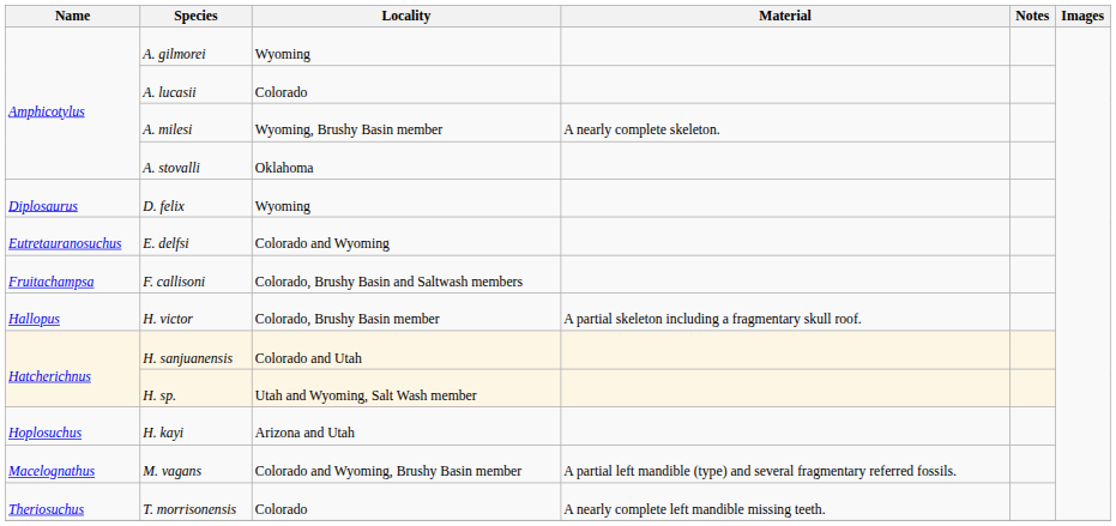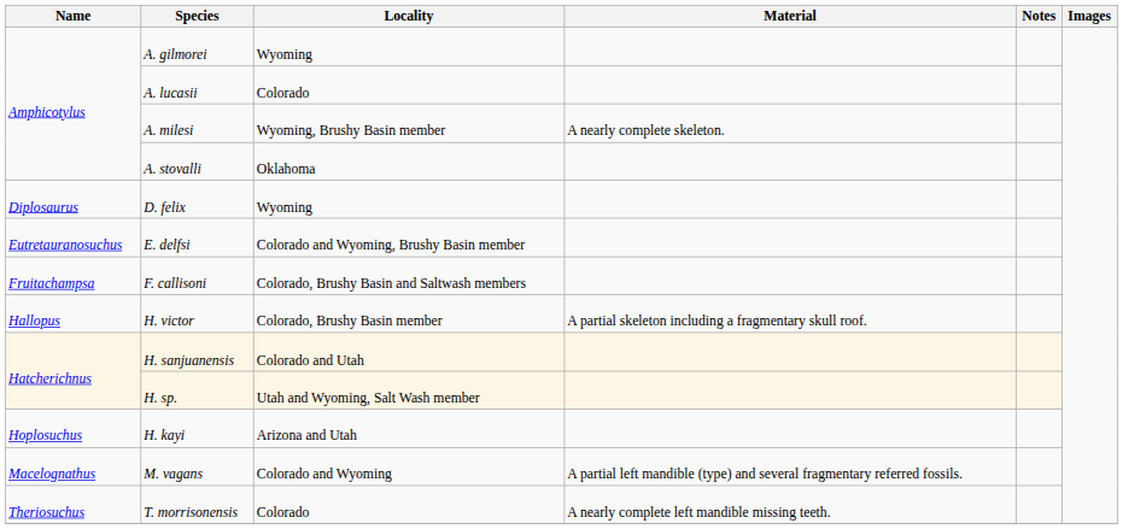 <table class="wikitable" align="center" width="100%">
 <tr>
 <th>Name</th>
 <th>Species</th>
 <th>Locality</th>
 <th>Material</th>
 <th>Notes</th>
 <th>Images</th>
 </tr>
 <tr>
 <td rowspan=4><br><em><a href='#'>Amphicotylus</a></em></td>
 <td><br><em>A. gilmorei</em></td>
 <td><br>Wyoming</td>
 <td></td>
 <td></td>
 <td rowspan="13"><br> </td>
 </tr>
 <tr>
 <td><br><em>A. lucasii</em></td>
 <td><br>Colorado</td>
 <td></td>
 <td></td>
 </tr>
 <tr>
 <td><br><em>A. milesi</em></td>
 <td><br>Wyoming, Brushy Basin member</td>
 <td><br>A nearly complete skeleton.</td>
 <td></td>
 </tr>
 <tr>
 <td><br><em>A. stovalli</em></td>
 <td><br>Oklahoma</td>
 <td></td>
 <td></td>
 </tr>
 <tr>
 <td><br><em><a href='#'>Diplosaurus</a></em></td>
 <td><br><em>D. felix</em></td>
 <td><br>Wyoming</td>
 <td></td>
 <td></td>
 </tr>
 <tr>
 <td><br><em><a href='#'>Eutretauranosuchus</a></em></td>
 <td><br><em>E. delfsi</em></td>
-<td><br>Colorado and Wyoming</td>
+<td><br>Colorado and Wyoming, Brushy Basin member</td>
 <td></td>
 <td></td>
 </tr>
 <tr>
 <td><br><em><a href='#'>Fruitachampsa</a></em></td>
 <td><br><em>F. callisoni</em></td>
 <td><br>Colorado, Brushy Basin and Saltwash members</td>
 <td></td>
 <td></td>
 </tr>
 <tr>
 <td><br><em><a href='#'>Hallopus</a></em></td>
 <td><br><em>H. victor</em></td>
 <td><br>Colorado, Brushy Basin member</td>
 <td><br>A partial skeleton including a fragmentary skull roof.</td>
 <td></td>
 </tr>
 <tr>
 <td style="background:#FEF6E4;" rowspan="2"><br><em><a href='#'>Hatcherichnus</a></em></td>
 <td style="background:#FEF6E4;"><br><em>H. sanjuanensis</em></td>
 <td style="background:#FEF6E4;"><br>Colorado and Utah</td>
 <td style="background:#FEF6E4;"></td>
 <td style="background:#FEF6E4;"></td>
 </tr>
 <tr>
 <td style="background:#FEF6E4;"><br><em>H. sp.</em></td>
 <td style="background:#FEF6E4;"><br>Utah and Wyoming, Salt Wash member</td>
 <td style="background:#FEF6E4;"></td>
 <td style="background:#FEF6E4;"></td>
 </tr>
 <tr>
 <td><br><em><a href='#'>Hoplosuchus</a></em></td>
 <td><br><em>H. kayi</em></td>
 <td><br>Arizona and Utah</td>
 <td></td>
 <td></td>
 </tr>
 <tr>
 <td><br><em><a href='#'>Macelognathus</a></em></td>
 <td><br><em>M. vagans</em></td>
-<td><br>Colorado and Wyoming, Brushy Basin member</td>
+<td><br>Colorado and Wyoming</td>
 <td><br>A partial left mandible (type) and several fragmentary referred fossils.</td>
 <td></td>
 </tr>
 <tr>
 <td><br><em><a href='#'>Theriosuchus</a></em></td>
 <td><br><em>T. morrisonensis</em></td>
 <td><br>Colorado</td>
 <td><br>A nearly complete left mandible missing teeth.</td>
 <td></td>
 </tr>
 <tr>
 </tr>
 </table>
